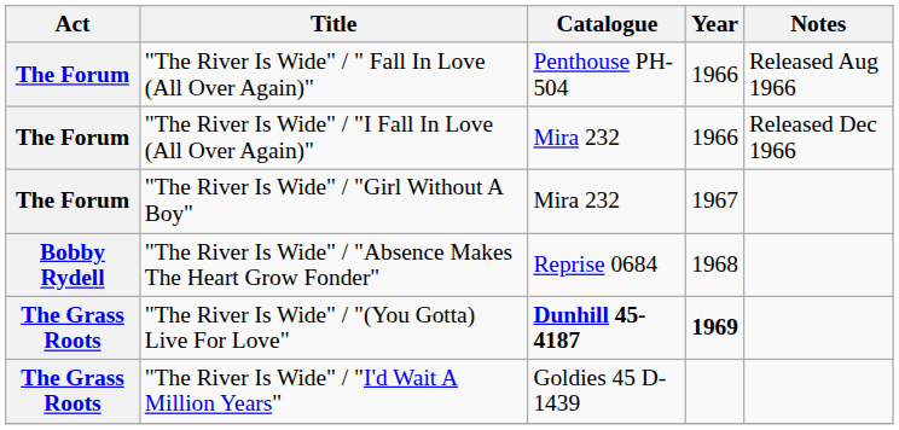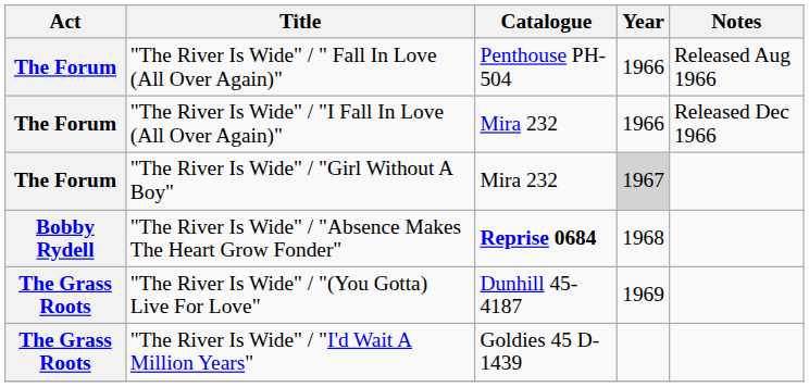 <table class="wikitable plainrowheaders sortable">
 <tr>
 <th scope="col">Act</th>
 <th scope="col">Title</th>
 <th scope="col">Catalogue</th>
 <th scope="col">Year</th>
 <th scope="col" class="unsortable">Notes</th>
 </tr>
 <tr>
 <th scope="row"><a href='#'>The Forum</a></th>
 <td>"The River Is Wide" / " Fall In Love (All Over Again)"</td>
 <td><a href='#'>Penthouse</a> PH-504</td>
 <td>1966</td>
 <td>Released Aug 1966</td>
 </tr>
 <tr>
 <th scope="row">The Forum</th>
 <td>"The River Is Wide" / "I Fall In Love (All Over Again)"</td>
 <td><a href='#'>Mira</a> 232</td>
 <td>1966</td>
 <td>Released Dec 1966</td>
 </tr>
 <tr>
 <th scope="row">The Forum</th>
 <td>"The River Is Wide" / "Girl Without A Boy"</td>
 <td>Mira 232</td>
-<td>1967</td>
+<td style="background: lightgrey;">1967</td>
 <td></td>
 </tr>
 <tr>
 <th scope="row"><a href='#'>Bobby Rydell</a></th>
 <td>"The River Is Wide" / "Absence Makes The Heart Grow Fonder"</td>
-<td><a href='#'>Reprise</a> 0684</td>
+<td><strong><a href='#'>Reprise</a> 0684</strong></td>
 <td>1968</td>
 <td></td>
 </tr>
 <tr>
 <th scope="row"><a href='#'>The Grass Roots</a></th>
 <td>"The River Is Wide" / "(You Gotta) Live For Love"</td>
-<td><strong><a href='#'>Dunhill</a> 45-4187</strong></td>
-<td><strong>1969</strong></td>
+<td><a href='#'>Dunhill</a> 45-4187</td>
+<td>1969</td>
 <td></td>
 </tr>
 <tr>
 <th scope="row"><a href='#'>The Grass Roots</a></th>
 <td>"The River Is Wide" / "<a href='#'>I'd Wait A Million Years</a>"</td>
 <td>Goldies 45 D-1439 </td>
 <td></td>
 <td></td>
 </tr>
 <tr>
 </tr>
 </table>
